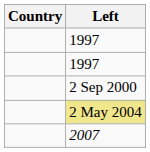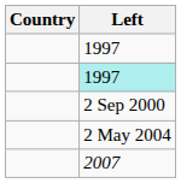 <table class="wikitable sortable">
 <tr>
 <th>Country</th>
 <th>Left</th>
 </tr>
 <tr>
 <td></td>
 <td>1997</td>
 </tr>
 <tr>
 <td></td>
-<td>1997</td>
+<td style="background: paleturquoise;">1997</td>
 </tr>
 <tr>
 <td></td>
 <td>2 Sep 2000</td>
 </tr>
 <tr>
 <td></td>
-<td style="background: khaki;">2 May 2004</td>
+<td>2 May 2004</td>
 </tr>
 <tr>
 <td></td>
 <td><em>2007</em> </td>
 </tr>
 </table>
